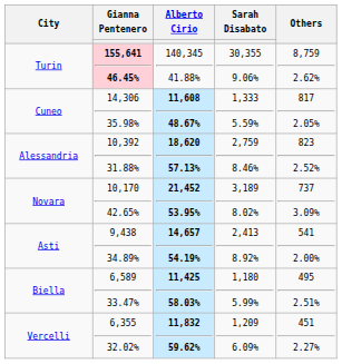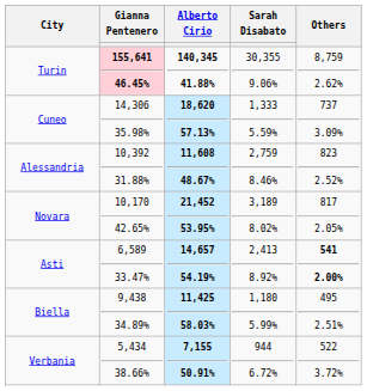 <table class="wikitable" style="text-align:center;font-size:90%;line-height:20px">
 <tr style="height:30px; background-color:#E9E9E9">
 <th style="width:110px;" rowspan="2">City</th>
 <th style="width:75px;">Gianna Pentenero</th>
 <th style="width:75px;"><a href='#'>Alberto Cirio</a></th>
 <th style="width:75px;">Sarah Disabato</th>
 <th rowspan="2" style="width:75px;">Others</th>
 </tr>
 <tr>
 <th style="background:"></th>
 <th style="background:"></th>
 <th style="background:"></th>
 </tr>
 <tr>
 <td><a href='#'>Turin</a></td>
 <td style="background:#FFD0D7"><strong>155,641 <hr>46.45%</strong></td>
-<td>140,345 <hr>41.88%</td>
+<td><strong>140,345 <hr>41.88%</strong></td>
 <td>30,355 <hr>9.06%</td>
 <td>8,759 <hr>2.62%</td>
 </tr>
 <tr>
 <td><a href='#'>Cuneo</a></td>
 <td>14,306 <hr>35.98%</td>
-<td style="background:#C8EBFF"><strong>11,608 <hr>48.67%</strong></td>
+<td style="background:#C8EBFF"><strong>18,620 <hr>57.13%</strong></td>
 <td>1,333 <hr>5.59%</td>
-<td>817 <hr>2.05%</td>
+<td>737 <hr>3.09%</td>
 </tr>
 <tr>
 <td><a href='#'>Alessandria</a></td>
 <td>10,392 <hr>31.88%</td>
-<td style="background:#C8EBFF"><strong>18,620 <hr>57.13%</strong></td>
+<td style="background:#C8EBFF"><strong>11,608 <hr>48.67%</strong></td>
 <td>2,759 <hr>8.46%</td>
 <td>823 <hr>2.52%</td>
 </tr>
 <tr>
 <td><a href='#'>Novara</a></td>
 <td>10,170 <hr>42.65%</td>
 <td style="background:#C8EBFF"><strong>21,452 <hr>53.95%</strong></td>
 <td>3,189 <hr>8.02%</td>
-<td>737 <hr>3.09%</td>
+<td>817 <hr>2.05%</td>
 </tr>
 <tr>
 <td><a href='#'>Asti</a></td>
-<td>9,438 <hr>34.89%</td>
+<td>6,589 <hr>33.47%</td>
 <td style="background:#C8EBFF"><strong>14,657 <hr>54.19%</strong></td>
 <td>2,413 <hr>8.92%</td>
-<td>541 <hr>2.00%</td>
+<td><strong>541 <hr>2.00%</strong></td>
 </tr>
 <tr>
 <td><a href='#'>Biella</a></td>
-<td>6,589 <hr>33.47%</td>
+<td>9,438 <hr>34.89%</td>
 <td style="background:#C8EBFF"><strong>11,425 <hr>58.03%</strong></td>
 <td>1,180 <hr>5.99%</td>
 <td>495 <hr>2.51%</td>
 </tr>
 <tr>
-<td><a href='#'>Vercelli</a></td>
-<td>6,355 <hr>32.02%</td>
-<td style="background:#C8EBFF"><strong>11,832 <hr>59.62%</strong></td>
-<td>1,209 <hr>6.09%</td>
-<td>451 <hr>2.27%</td>
+<td><a href='#'>Verbania</a></td>
+<td>5,434 <hr>38.66%</td>
+<td style="background:#C8EBFF"><strong>7,155 <hr>50.91%</strong></td>
+<td>944 <hr>6.72%</td>
+<td>522 <hr>3.72%</td>
 </tr>
 </table>
